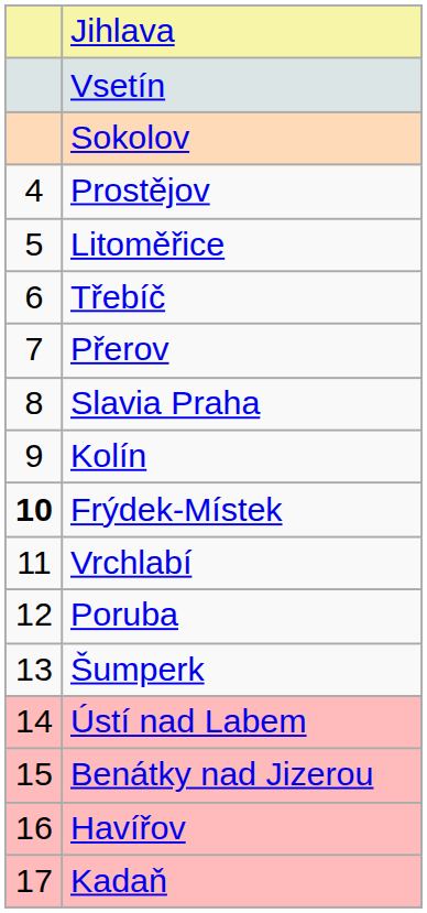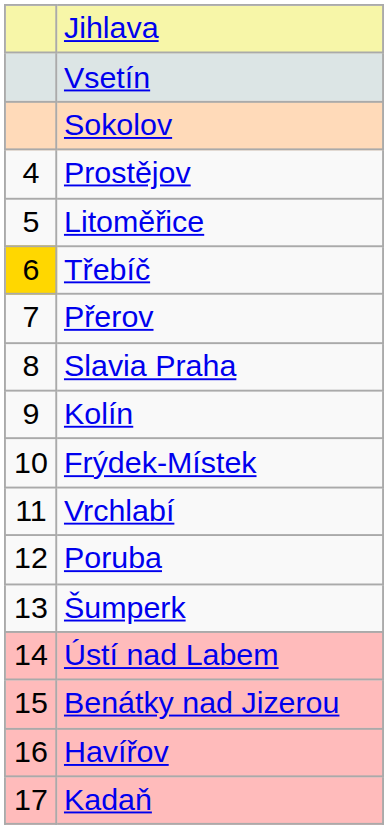 <table class="wikitable" style="width:200px;">
 <tr style="background:#F7F6A8;">
 <td align=center style="width:20px;"></td>
 <td><a href='#'>Jihlava</a></td>
 </tr>
 <tr style="background:#DCE5E5;">
 <td align=center></td>
 <td><a href='#'>Vsetín</a></td>
 </tr>
 <tr style="background:#FFDAB9;">
 <td align=center></td>
 <td><a href='#'>Sokolov</a></td>
 </tr>
 <tr>
 <td align=center>4</td>
 <td><a href='#'>Prostějov</a></td>
 </tr>
 <tr>
 <td align=center>5</td>
 <td><a href='#'>Litoměřice</a></td>
 </tr>
 <tr>
-<td align=center>6</td>
+<td align=center style="background: gold;">6</td>
 <td><a href='#'>Třebíč</a></td>
 </tr>
 <tr>
 <td align=center>7</td>
 <td><a href='#'>Přerov</a></td>
 </tr>
 <tr>
 <td align=center>8</td>
 <td><a href='#'>Slavia Praha</a></td>
 </tr>
 <tr>
 <td align=center>9</td>
 <td><a href='#'>Kolín</a></td>
 </tr>
 <tr>
-<td align=center><strong>10</strong></td>
+<td align=center>10</td>
 <td><a href='#'>Frýdek-Místek</a></td>
 </tr>
 <tr>
 <td align=center>11</td>
 <td><a href='#'>Vrchlabí</a></td>
 </tr>
 <tr>
 <td align=center>12</td>
 <td><a href='#'>Poruba</a></td>
 </tr>
 <tr>
 <td align=center>13</td>
 <td><a href='#'>Šumperk</a></td>
 </tr>
 <tr style="background:#ffbbbb;">
 <td align=center>14</td>
 <td><a href='#'>Ústí nad Labem</a></td>
 </tr>
 <tr style="background:#ffbbbb;">
 <td align=center>15</td>
 <td><a href='#'>Benátky nad Jizerou</a></td>
 </tr>
 <tr style="background:#ffbbbb;">
 <td align=center>16</td>
 <td><a href='#'>Havířov</a></td>
 </tr>
 <tr style="background:#ffbbbb;">
 <td align=center>17</td>
 <td><a href='#'>Kadaň</a></td>
 </tr>
 </table>
